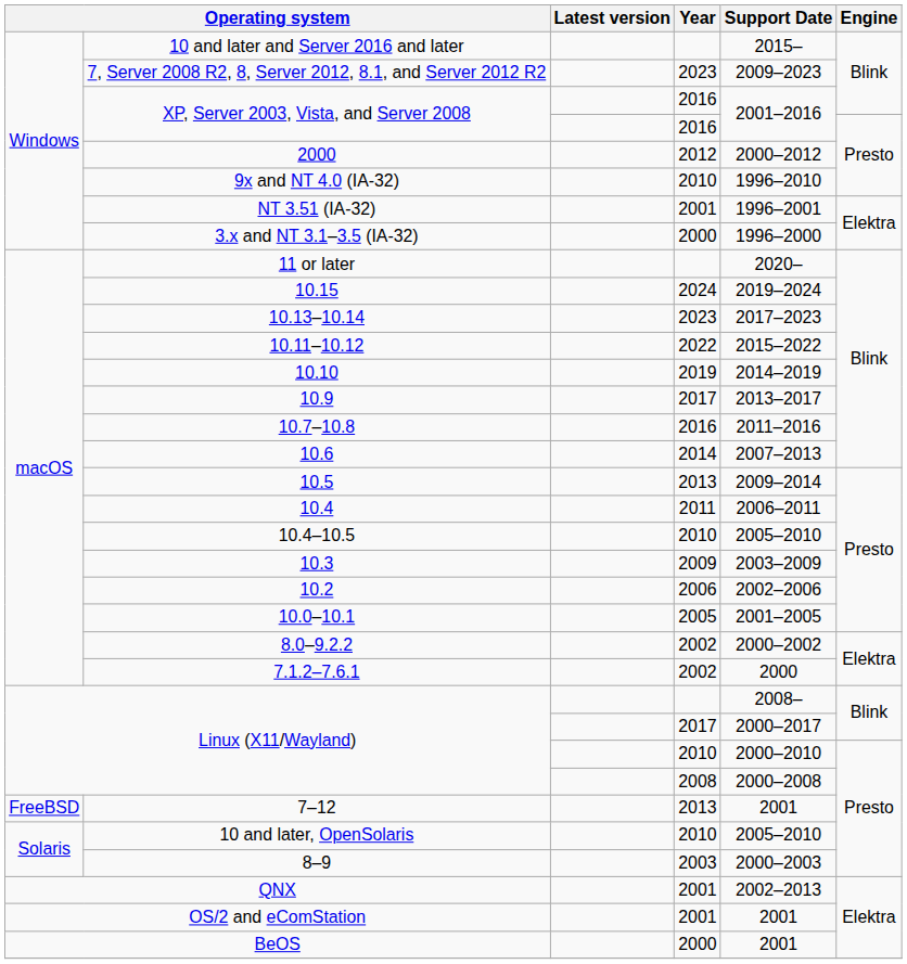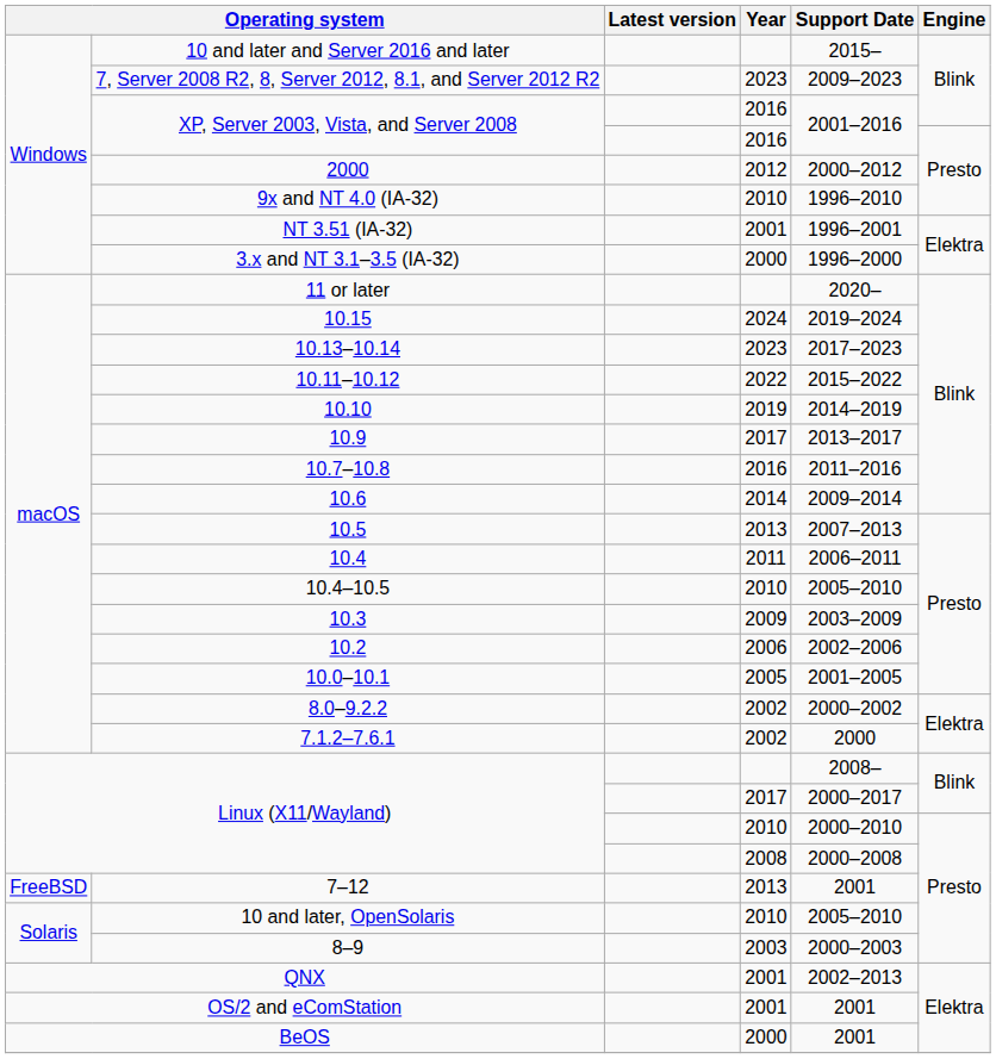 <table class ="wikitable" style="text-align:center">
 <tr>
 <th colspan="2"><a href='#'>Operating system</a></th>
 <th>Latest version</th>
 <th><abbr>Year</abbr></th>
 <th>Support Date</th>
 <th>Engine</th>
 </tr>
 <tr>
 <td rowspan="8"><a href='#'>Windows</a></td>
 <td><a href='#'>10</a> and later and <a href='#'>Server 2016</a> and later</td>
 <td></td>
 <td><abbr></abbr></td>
 <td>2015–</td>
 <td rowspan=3>Blink</td>
 </tr>
 <tr>
 <td><a href='#'>7</a>, <a href='#'>Server 2008 R2</a>, <a href='#'>8</a>, <a href='#'>Server 2012</a>, <a href='#'>8.1</a>, and <a href='#'>Server 2012 R2</a></td>
 <td></td>
 <td data-sort-value="2023-10-30"><abbr>2023</abbr></td>
 <td>2009–2023</td>
 </tr>
 <tr>
 <td rowspan="2"><a href='#'>XP</a>, <a href='#'>Server 2003</a>, <a href='#'>Vista</a>, and <a href='#'>Server 2008</a></td>
 <td></td>
 <td data-sort-value="2016-08-09"><abbr>2016</abbr></td>
 <td rowspan="2">2001–2016</td>
 </tr>
 <tr>
 <td></td>
 <td data-sort-value="2016-02-16"><abbr>2016</abbr></td>
 <td rowspan=3>Presto</td>
 </tr>
 <tr>
 <td><a href='#'>2000</a></td>
 <td></td>
 <td data-sort-value="2012-08-29"><abbr>2012</abbr></td>
 <td>2000–2012</td>
 </tr>
 <tr>
 <td><a href='#'>9x</a> and <a href='#'>NT 4.0</a> (IA-32)</td>
 <td></td>
 <td data-sort-value="2010-10-11"><abbr>2010</abbr></td>
 <td>1996–2010</td>
 </tr>
 <tr>
 <td><a href='#'>NT 3.51</a> (IA-32)</td>
 <td></td>
 <td data-sort-value="2001-06-27"><abbr>2001</abbr></td>
 <td>1996–2001</td>
 <td rowspan="2">Elektra</td>
 </tr>
 <tr>
 <td><a href='#'>3.x</a> and <a href='#'>NT 3.1</a>–<a href='#'>3.5</a> (IA-32)</td>
 <td></td>
 <td data-sort-value="2000-02-28"><abbr>2000</abbr></td>
 <td>1996–2000</td>
 </tr>
 <tr>
 <td rowspan="16"><a href='#'>macOS</a></td>
 <td><a href='#'>11</a> or later</td>
 <td></td>
 <td><abbr></abbr></td>
 <td>2020–</td>
 <td rowspan=8>Blink</td>
 </tr>
 <tr>
 <td><a href='#'>10.15</a></td>
 <td></td>
 <td data-sort-value="2024-11-21"><abbr>2024</abbr></td>
 <td>2019–2024</td>
 </tr>
 <tr>
 <td><a href='#'>10.13</a>–<a href='#'>10.14</a></td>
 <td></td>
 <td data-sort-value="2023-09-29"><abbr>2023</abbr></td>
 <td>2017–2023</td>
 </tr>
 <tr>
 <td><a href='#'>10.11</a>–<a href='#'>10.12</a></td>
 <td></td>
 <td data-sort-value="2022-08-11"><abbr>2022</abbr></td>
 <td>2015–2022</td>
 </tr>
 <tr>
 <td><a href='#'>10.10</a></td>
 <td></td>
 <td data-sort-value="2019-10-04"><abbr>2019</abbr></td>
 <td>2014–2019</td>
 </tr>
 <tr>
 <td><a href='#'>10.9</a></td>
 <td></td>
 <td data-sort-value="2017-12-19"><abbr>2017</abbr></td>
 <td>2013–2017</td>
 </tr>
 <tr>
 <td><a href='#'>10.7</a>–<a href='#'>10.8</a></td>
 <td></td>
 <td data-sort-value="2016-05-30"><abbr>2016</abbr></td>
 <td>2011–2016</td>
 </tr>
 <tr>
 <td><a href='#'>10.6</a></td>
 <td></td>
 <td data-sort-value="2014-11-17"><abbr>2014</abbr></td>
-<td>2007–2013</td>
+<td>2009–2014</td>
 </tr>
 <tr>
 <td><a href='#'>10.5</a></td>
 <td></td>
 <td data-sort-value="2013-07-04"><abbr>2013</abbr></td>
-<td>2009–2014</td>
+<td>2007–2013</td>
 <td rowspan=6>Presto</td>
 </tr>
 <tr>
 <td><a href='#'>10.4</a></td>
 <td></td>
 <td data-sort-value="2011-04-11"><abbr>2011</abbr></td>
 <td>2006–2011</td>
 </tr>
 <tr>
 <td>10.4–10.5</td>
 <td></td>
 <td data-sort-value="2010-10-11"><abbr>2010</abbr></td>
 <td>2005–2010</td>
 </tr>
 <tr>
 <td><a href='#'>10.3</a></td>
 <td></td>
 <td data-sort-value="2009-11-26"><abbr>2009</abbr></td>
 <td>2003–2009</td>
 </tr>
 <tr>
 <td><a href='#'>10.2</a></td>
 <td></td>
 <td data-sort-value="2006-03-29"><abbr>2006</abbr></td>
 <td>2002–2006</td>
 </tr>
 <tr>
 <td><a href='#'>10.0</a>–<a href='#'>10.1</a></td>
 <td></td>
 <td data-sort-value="2005-02-21"><abbr>2005</abbr></td>
 <td>2001–2005</td>
 </tr>
 <tr>
 <td><a href='#'>8.0</a>–<a href='#'>9.2.2</a></td>
 <td></td>
 <td data-sort-value="2002-05-27"><abbr>2002</abbr></td>
 <td>2000–2002</td>
 <td rowspan="2">Elektra</td>
 </tr>
 <tr>
 <td><a href='#'>7.1.2–7.6.1</a></td>
 <td></td>
 <td data-sort-value="2002-01-14"><abbr>2002</abbr></td>
 <td>2000</td>
 </tr>
 <tr>
 <td colspan="2" rowspan="4"><a href='#'>Linux</a> (<a href='#'>X11</a>/<a href='#'>Wayland</a>)</td>
 <td></td>
 <td><abbr></abbr></td>
 <td>2008–</td>
 <td rowspan=2>Blink</td>
 </tr>
 <tr>
 <td></td>
 <td data-sort-value="2017-06-12"><abbr>2017</abbr></td>
 <td>2000–2017</td>
 </tr>
 <tr>
 <td></td>
 <td data-sort-value="2010-10-11"><abbr>2010</abbr></td>
 <td>2000–2010</td>
 <td rowspan=5>Presto</td>
 </tr>
 <tr>
 <td></td>
 <td data-sort-value="2008-04-02"><abbr>2008</abbr></td>
 <td>2000–2008</td>
 </tr>
 <tr>
 <td><a href='#'>FreeBSD</a></td>
 <td>7–12</td>
 <td></td>
 <td data-sort-value="2013-07-04"><abbr>2013</abbr></td>
 <td>2001</td>
 </tr>
 <tr>
 <td rowspan="2"><a href='#'>Solaris</a></td>
 <td>10 and later,  <a href='#'>OpenSolaris</a></td>
 <td> </td>
 <td data-sort-value="2010-06-22"><abbr>2010</abbr></td>
 <td>2005–2010</td>
 </tr>
 <tr>
 <td>8–9</td>
 <td> </td>
 <td><abbr>2003</abbr></td>
 <td>2000–2003</td>
 </tr>
 <tr>
 <td colspan="2"><a href='#'>QNX</a></td>
 <td></td>
 <td data-sort-value="2001-09-17"><abbr>2001</abbr></td>
 <td>2002–2013</td>
 <td rowspan=3>Elektra</td>
 </tr>
 <tr>
 <td colspan="2"><a href='#'>OS/2</a> and <a href='#'>eComStation</a></td>
 <td></td>
 <td data-sort-value="2001-09-04"><abbr>2001</abbr></td>
 <td>2001</td>
 </tr>
 <tr>
 <td colspan="2"><a href='#'>BeOS</a></td>
 <td></td>
 <td data-sort-value="2000-11-22"><abbr>2000</abbr></td>
 <td>2001</td>
 </tr>
 <tr>
 </tr>
 </table>
